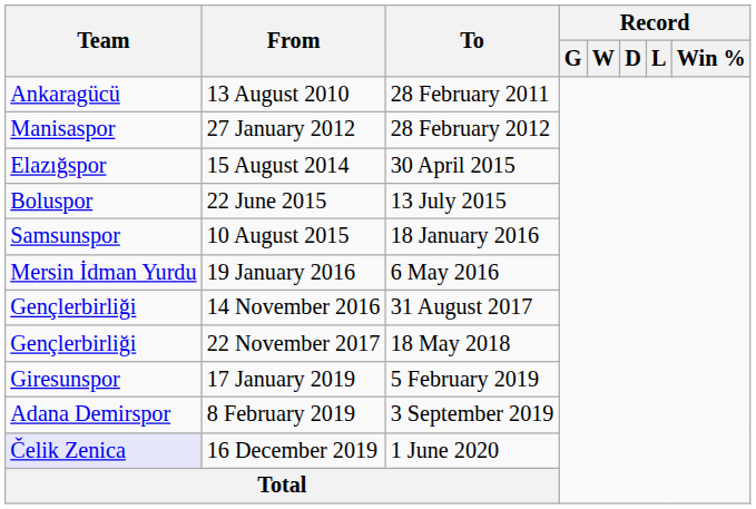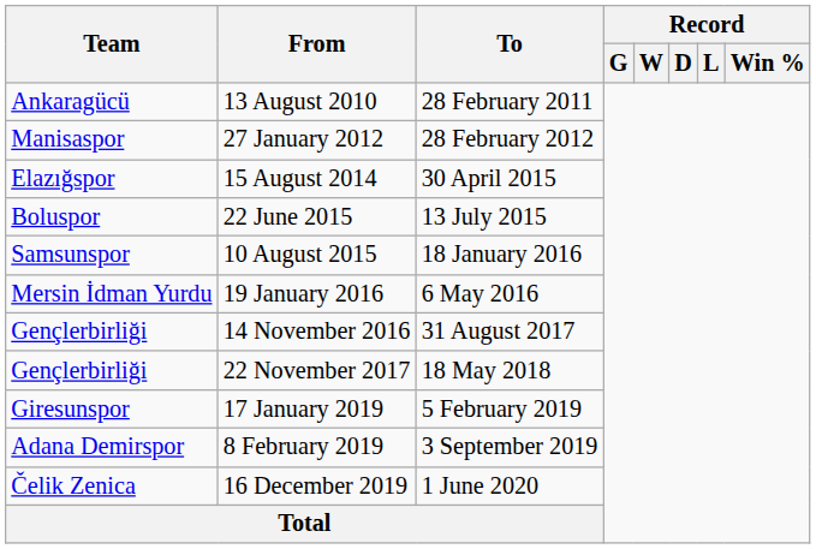 <table class="wikitable" style="text-align: center">
 <tr>
 <th rowspan="2">Team</th>
 <th rowspan="2">From</th>
 <th rowspan="2">To</th>
 <th colspan="5">Record</th>
 </tr>
 <tr>
 <th>G</th>
 <th>W</th>
 <th>D</th>
 <th>L</th>
 <th>Win %</th>
 </tr>
 <tr>
 <td align=left><a href='#'>Ankaragücü</a></td>
 <td align=left>13 August 2010</td>
 <td align=left>28 February 2011<br></td>
 </tr>
 <tr>
 <td align=left><a href='#'>Manisaspor</a></td>
 <td align=left>27 January 2012</td>
 <td align=left>28 February 2012<br></td>
 </tr>
 <tr>
 <td align=left><a href='#'>Elazığspor</a></td>
 <td align=left>15 August 2014</td>
 <td align=left>30 April 2015<br></td>
 </tr>
 <tr>
 <td align=left><a href='#'>Boluspor</a></td>
 <td align=left>22 June 2015</td>
 <td align=left>13 July 2015<br></td>
 </tr>
 <tr>
 <td align=left><a href='#'>Samsunspor</a></td>
 <td align=left>10 August 2015</td>
 <td align=left>18 January 2016<br></td>
 </tr>
 <tr>
 <td align=left><a href='#'>Mersin İdman Yurdu</a></td>
 <td align=left>19 January 2016</td>
 <td align=left>6 May 2016<br></td>
 </tr>
 <tr>
 <td align=left><a href='#'>Gençlerbirliği</a></td>
 <td align=left>14 November 2016</td>
 <td align=left>31 August 2017<br></td>
 </tr>
 <tr>
 <td align=left><a href='#'>Gençlerbirliği</a></td>
 <td align=left>22 November 2017</td>
 <td align=left>18 May 2018<br></td>
 </tr>
 <tr>
 <td align=left><a href='#'>Giresunspor</a></td>
 <td align=left>17 January 2019</td>
 <td align=left>5 February 2019<br></td>
 </tr>
 <tr>
 <td align=left><a href='#'>Adana Demirspor</a></td>
 <td align=left>8 February 2019</td>
 <td align=left>3 September 2019<br></td>
 </tr>
 <tr>
-<td align=left style="background: lavender;"><a href='#'>Čelik Zenica</a></td>
+<td align=left><a href='#'>Čelik Zenica</a></td>
 <td align=left>16 December 2019</td>
 <td align=left>1 June 2020<br></td>
 </tr>
 <tr>
 <th colspan="3">Total<br></th>
 </tr>
 </table>
